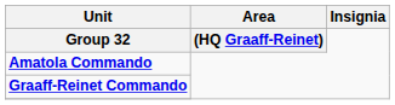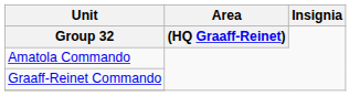 <table class="wikitable">
 <tr>
 <th>Unit</th>
 <th>Area</th>
 <th>Insignia</th>
 </tr>
 <tr>
 <th>Group 32</th>
 <th>(HQ <a href='#'>Graaff-Reinet</a>)</th>
 </tr>
 <tr>
-<td><strong><a href='#'>Amatola Commando</a></strong></td>
+<td><a href='#'>Amatola Commando</a></td>
 </tr>
 <tr>
-<td><strong><a href='#'>Graaff-Reinet Commando</a></strong></td>
+<td><a href='#'>Graaff-Reinet Commando</a></td>
 </tr>
 <tr>
 </tr>
 </table>
